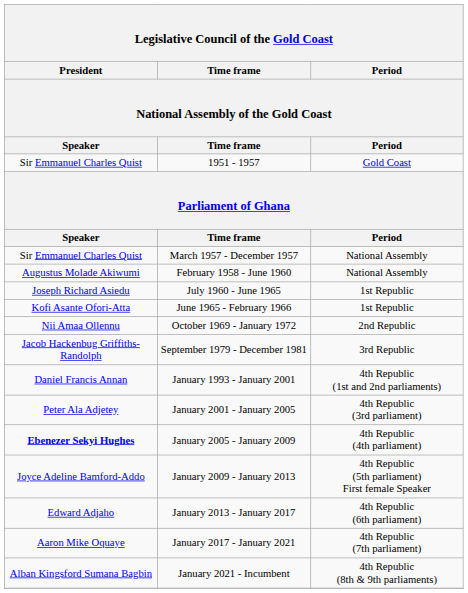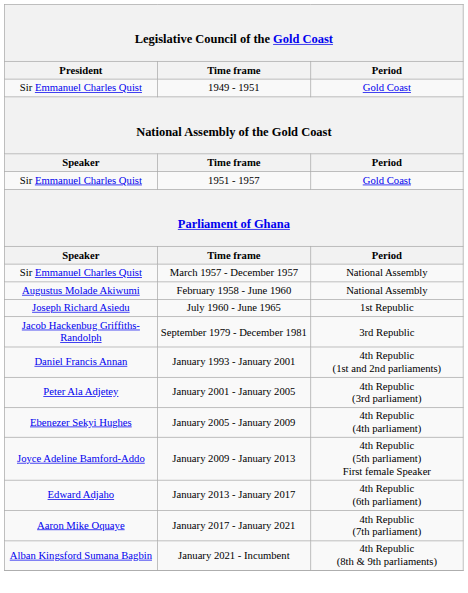 <table class="wikitable" style="font-size:90%; text-align:center;">
 <tr>
 <th colspan=3><br><h3>Legislative Council of the <a href='#'>Gold Coast</a></h3></th>
 </tr>
 <tr>
 <th width=200>President</th>
 <th width=200>Time frame</th>
 <th width=200>Period</th>
+</tr>
+<tr>
+<td>Sir <a href='#'>Emmanuel Charles Quist</a></td>
+<td>1949 - 1951</td>
+<td><a href='#'>Gold Coast</a></td>
 </tr>
 <tr>
 <th colspan=3><br><h3>National Assembly of the Gold Coast</h3></th>
 </tr>
 <tr>
 <th width=200>Speaker</th>
 <th width=200>Time frame</th>
 <th width=200>Period</th>
 </tr>
 <tr>
 <td>Sir <a href='#'>Emmanuel Charles Quist</a></td>
 <td>1951 - 1957</td>
 <td><a href='#'>Gold Coast</a></td>
 </tr>
 <tr>
 <th colspan=3><br><h3><a href='#'>Parliament of Ghana</a></h3></th>
 </tr>
 <tr>
 <th width=200>Speaker</th>
 <th width=200>Time frame</th>
 <th width=200>Period</th>
 </tr>
 <tr>
 <td>Sir <a href='#'>Emmanuel Charles Quist</a></td>
 <td>March 1957 - December 1957</td>
 <td>National Assembly</td>
 </tr>
 <tr>
 <td><a href='#'>Augustus Molade Akiwumi</a></td>
 <td>February 1958 - June 1960</td>
 <td>National Assembly</td>
 </tr>
 <tr>
 <td><a href='#'>Joseph Richard Asiedu</a></td>
 <td>July 1960 - June 1965</td>
 <td>1st Republic</td>
 </tr>
 <tr>
-<td><a href='#'>Kofi Asante Ofori-Atta</a></td>
-<td>June 1965 - February 1966</td>
-<td>1st Republic</td>
-</tr>
-<tr>
-<td><a href='#'>Nii Amaa Ollennu</a></td>
-<td>October 1969 - January 1972</td>
-<td>2nd Republic</td>
-</tr>
-<tr>
 <td><a href='#'>Jacob Hackenbug Griffiths-Randolph</a></td>
 <td>September 1979 - December 1981</td>
 <td>3rd Republic</td>
 </tr>
 <tr>
 <td><a href='#'>Daniel Francis Annan</a></td>
 <td>January 1993 - January 2001</td>
 <td>4th Republic<br>(1st and 2nd parliaments)</td>
 </tr>
 <tr>
 <td><a href='#'>Peter Ala Adjetey</a></td>
 <td>January 2001 - January 2005</td>
 <td>4th Republic<br>(3rd parliament)</td>
 </tr>
 <tr>
-<td><strong><a href='#'>Ebenezer Sekyi Hughes</a></strong></td>
+<td><a href='#'>Ebenezer Sekyi Hughes</a></td>
 <td>January 2005 - January 2009</td>
 <td>4th Republic<br>(4th parliament)</td>
 </tr>
 <tr>
 <td><a href='#'>Joyce Adeline Bamford-Addo</a></td>
 <td>January 2009 - January 2013</td>
 <td>4th Republic<br>(5th parliament)<br>First female Speaker</td>
 </tr>
 <tr>
 <td><a href='#'>Edward Adjaho</a></td>
 <td>January 2013 - January 2017</td>
 <td>4th Republic<br>(6th parliament)</td>
 </tr>
 <tr>
 <td><a href='#'>Aaron Mike Oquaye</a></td>
 <td>January 2017 - January 2021</td>
 <td>4th Republic<br>(7th parliament)</td>
 </tr>
 <tr>
 <td><a href='#'>Alban Kingsford Sumana Bagbin</a></td>
 <td>January 2021 - Incumbent</td>
 <td>4th Republic<br>(8th & 9th parliaments)</td>
 </tr>
 <tr>
 </tr>
 </table>
